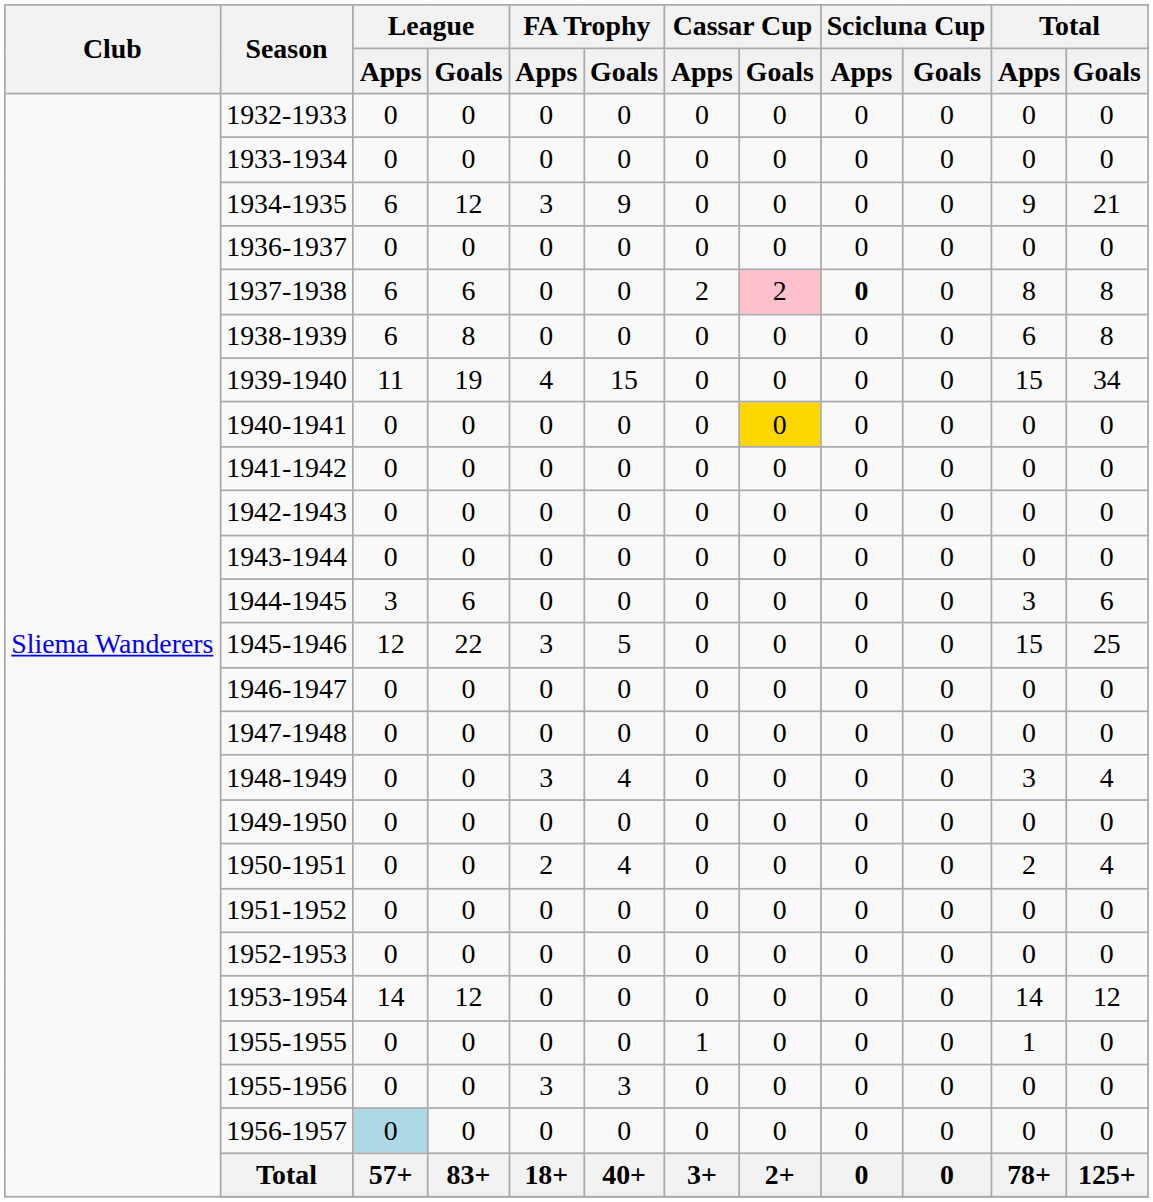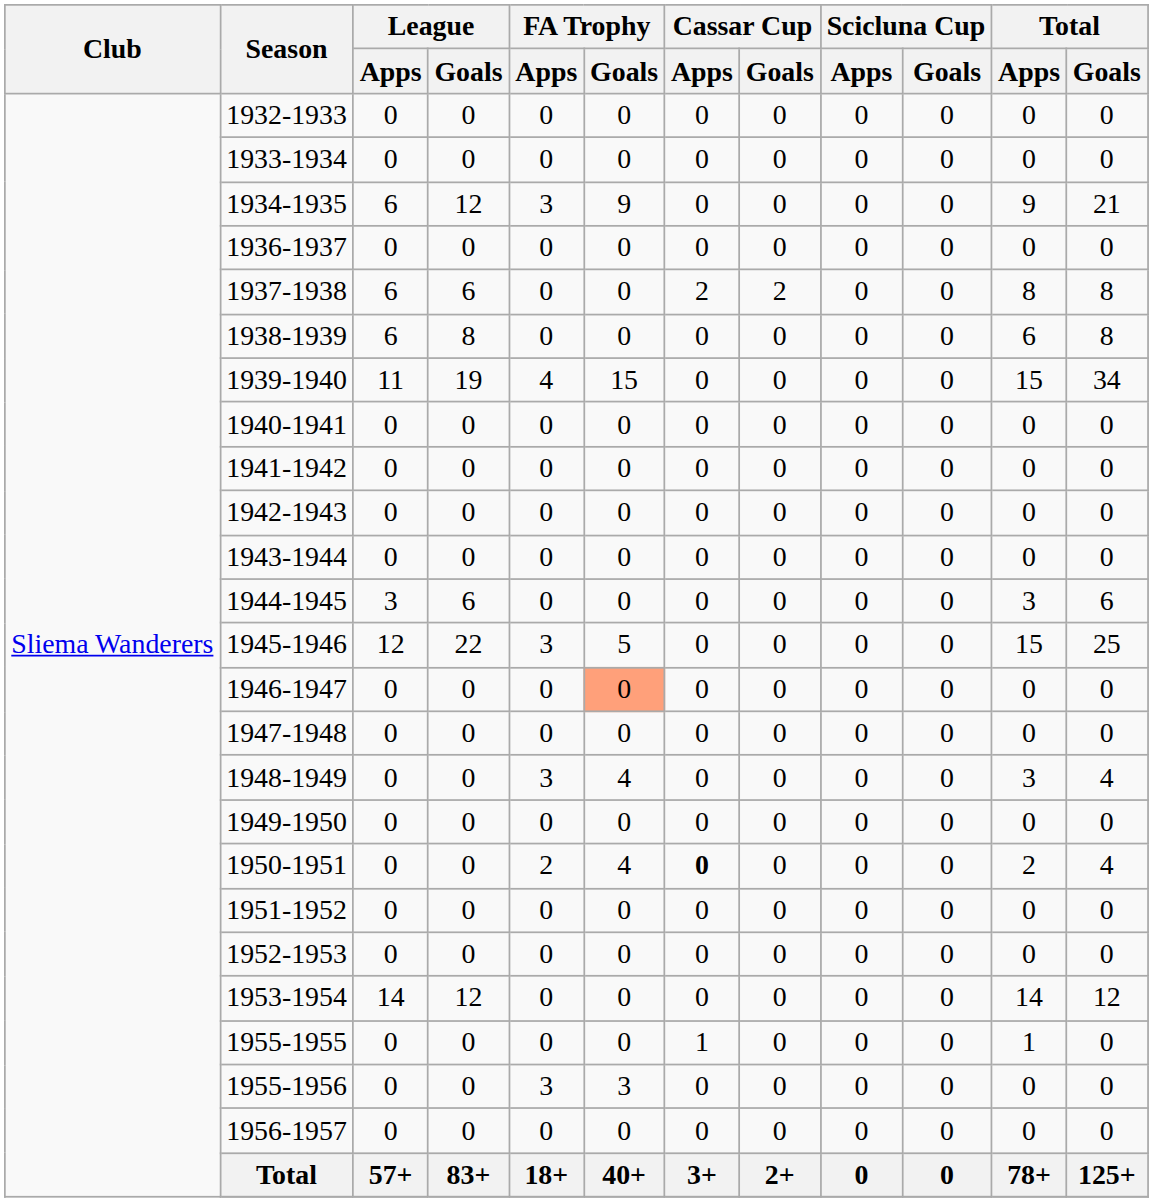 <table class="wikitable" style="font-size:100%; text-align: center;">
 <tr>
 <th rowspan=2>Club</th>
 <th rowspan=2>Season</th>
 <th colspan=2>League</th>
 <th colspan=2>FA Trophy</th>
 <th colspan=2>Cassar Cup</th>
 <th colspan=2>Scicluna Cup</th>
 <th colspan=2>Total</th>
 </tr>
 <tr>
 <th>Apps</th>
 <th>Goals</th>
 <th>Apps</th>
 <th>Goals</th>
 <th>Apps</th>
 <th>Goals</th>
 <th>Apps</th>
 <th>Goals</th>
 <th>Apps</th>
 <th>Goals</th>
 </tr>
 <tr>
 <td rowspan=26><a href='#'>Sliema Wanderers</a></td>
 <td>1932-1933</td>
 <td>0</td>
 <td>0</td>
 <td>0</td>
 <td>0</td>
 <td>0</td>
 <td>0</td>
 <td>0</td>
 <td>0</td>
 <td>0</td>
 <td>0</td>
 </tr>
 <tr>
 <td>1933-1934</td>
 <td>0</td>
 <td>0</td>
 <td>0</td>
 <td>0</td>
 <td>0</td>
 <td>0</td>
 <td>0</td>
 <td>0</td>
 <td>0</td>
 <td>0</td>
 </tr>
 <tr>
 <td>1934-1935</td>
 <td>6</td>
 <td>12</td>
 <td>3</td>
 <td>9</td>
 <td>0</td>
 <td>0</td>
 <td>0</td>
 <td>0</td>
 <td>9</td>
 <td>21</td>
 </tr>
 <tr>
 <td>1936-1937</td>
 <td>0</td>
 <td>0</td>
 <td>0</td>
 <td>0</td>
 <td>0</td>
 <td>0</td>
 <td>0</td>
 <td>0</td>
 <td>0</td>
 <td>0</td>
 </tr>
 <tr>
 <td>1937-1938</td>
 <td>6</td>
 <td>6</td>
 <td>0</td>
 <td>0</td>
 <td>2</td>
-<td style="background: pink;">2</td>
-<td><strong>0</strong></td>
+<td>2</td>
+<td>0</td>
 <td>0</td>
 <td>8</td>
 <td>8</td>
 </tr>
 <tr>
 <td>1938-1939</td>
 <td>6</td>
 <td>8</td>
 <td>0</td>
 <td>0</td>
 <td>0</td>
 <td>0</td>
 <td>0</td>
 <td>0</td>
 <td>6</td>
 <td>8</td>
 </tr>
 <tr>
 <td>1939-1940</td>
 <td>11</td>
 <td>19</td>
 <td>4</td>
 <td>15</td>
 <td>0</td>
 <td>0</td>
 <td>0</td>
 <td>0</td>
 <td>15</td>
 <td>34</td>
 </tr>
 <tr>
 <td>1940-1941</td>
 <td>0</td>
 <td>0</td>
 <td>0</td>
 <td>0</td>
 <td>0</td>
-<td style="background: gold;">0</td>
+<td>0</td>
 <td>0</td>
 <td>0</td>
 <td>0</td>
 <td>0</td>
 </tr>
 <tr>
 <td>1941-1942</td>
 <td>0</td>
 <td>0</td>
 <td>0</td>
 <td>0</td>
 <td>0</td>
 <td>0</td>
 <td>0</td>
 <td>0</td>
 <td>0</td>
 <td>0</td>
 </tr>
 <tr>
 <td>1942-1943</td>
 <td>0</td>
 <td>0</td>
 <td>0</td>
 <td>0</td>
 <td>0</td>
 <td>0</td>
 <td>0</td>
 <td>0</td>
 <td>0</td>
 <td>0</td>
 </tr>
 <tr>
 <td>1943-1944</td>
 <td>0</td>
 <td>0</td>
 <td>0</td>
 <td>0</td>
 <td>0</td>
 <td>0</td>
 <td>0</td>
 <td>0</td>
 <td>0</td>
 <td>0</td>
 </tr>
 <tr>
 <td>1944-1945</td>
 <td>3</td>
 <td>6</td>
 <td>0</td>
 <td>0</td>
 <td>0</td>
 <td>0</td>
 <td>0</td>
 <td>0</td>
 <td>3</td>
 <td>6</td>
 </tr>
 <tr>
 <td>1945-1946</td>
 <td>12</td>
 <td>22</td>
 <td>3</td>
 <td>5</td>
 <td>0</td>
 <td>0</td>
 <td>0</td>
 <td>0</td>
 <td>15</td>
 <td>25</td>
 </tr>
 <tr>
 <td>1946-1947</td>
 <td>0</td>
 <td>0</td>
 <td>0</td>
-<td>0</td>
+<td style="background: lightsalmon;">0</td>
 <td>0</td>
 <td>0</td>
 <td>0</td>
 <td>0</td>
 <td>0</td>
 <td>0</td>
 </tr>
 <tr>
 <td>1947-1948</td>
 <td>0</td>
 <td>0</td>
 <td>0</td>
 <td>0</td>
 <td>0</td>
 <td>0</td>
 <td>0</td>
 <td>0</td>
 <td>0</td>
 <td>0</td>
 </tr>
 <tr>
 <td>1948-1949</td>
 <td>0</td>
 <td>0</td>
 <td>3</td>
 <td>4</td>
 <td>0</td>
 <td>0</td>
 <td>0</td>
 <td>0</td>
 <td>3</td>
 <td>4</td>
 </tr>
 <tr>
 <td>1949-1950</td>
 <td>0</td>
 <td>0</td>
 <td>0</td>
 <td>0</td>
 <td>0</td>
 <td>0</td>
 <td>0</td>
 <td>0</td>
 <td>0</td>
 <td>0</td>
 </tr>
 <tr>
 <td>1950-1951</td>
 <td>0</td>
 <td>0</td>
 <td>2</td>
 <td>4</td>
-<td>0</td>
+<td><strong>0</strong></td>
 <td>0</td>
 <td>0</td>
 <td>0</td>
 <td>2</td>
 <td>4</td>
 </tr>
 <tr>
 <td>1951-1952</td>
 <td>0</td>
 <td>0</td>
 <td>0</td>
 <td>0</td>
 <td>0</td>
 <td>0</td>
 <td>0</td>
 <td>0</td>
 <td>0</td>
 <td>0</td>
 </tr>
 <tr>
 <td>1952-1953</td>
 <td>0</td>
 <td>0</td>
 <td>0</td>
 <td>0</td>
 <td>0</td>
 <td>0</td>
 <td>0</td>
 <td>0</td>
 <td>0</td>
 <td>0</td>
 </tr>
 <tr>
 <td>1953-1954</td>
 <td>14</td>
 <td>12</td>
 <td>0</td>
 <td>0</td>
 <td>0</td>
 <td>0</td>
 <td>0</td>
 <td>0</td>
 <td>14</td>
 <td>12</td>
 </tr>
 <tr>
 <td>1955-1955</td>
 <td>0</td>
 <td>0</td>
 <td>0</td>
 <td>0</td>
 <td>1</td>
 <td>0</td>
 <td>0</td>
 <td>0</td>
 <td>1</td>
 <td>0</td>
 </tr>
 <tr>
 <td>1955-1956</td>
 <td>0</td>
 <td>0</td>
 <td>3</td>
 <td>3</td>
 <td>0</td>
 <td>0</td>
 <td>0</td>
 <td>0</td>
 <td>0</td>
 <td>0</td>
 </tr>
 <tr>
 <td>1956-1957</td>
-<td style="background: lightblue;">0</td>
+<td>0</td>
 <td>0</td>
 <td>0</td>
 <td>0</td>
 <td>0</td>
 <td>0</td>
 <td>0</td>
 <td>0</td>
 <td>0</td>
 <td>0</td>
 </tr>
 <tr>
 <th>Total</th>
 <th>57+</th>
 <th>83+</th>
 <th>18+</th>
 <th>40+</th>
 <th>3+</th>
 <th>2+</th>
 <th>0</th>
 <th>0</th>
 <th>78+</th>
 <th>125+</th>
 </tr>
 <tr>
 </tr>
 </table>
